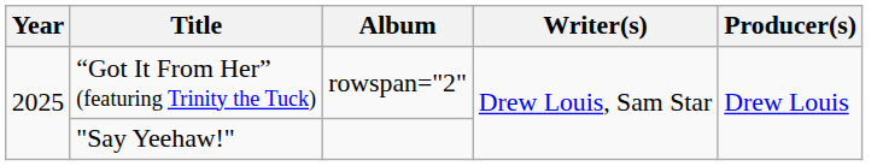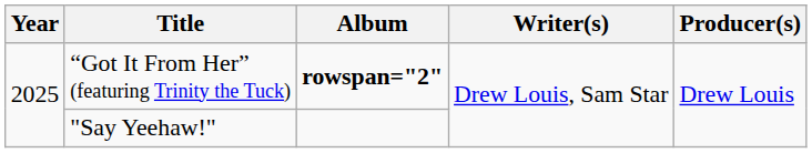 <table class="wikitable">
 <tr>
 <th>Year</th>
 <th>Title</th>
 <th>Album</th>
 <th>Writer(s)</th>
 <th>Producer(s)</th>
 </tr>
 <tr>
 <td rowspan="2">2025</td>
 <td>“Got It From Her” <br><small>(featuring <a href='#'>Trinity the Tuck</a>)</small></td>
-<td>rowspan="2" </td>
+<td><strong>rowspan="2" </strong></td>
 <td rowspan="2"><a href='#'>Drew Louis</a>, Sam Star</td>
 <td rowspan="2"><a href='#'>Drew Louis</a></td>
 </tr>
 <tr>
 <td>"Say Yeehaw!"</td>
 </tr>
 </table>
